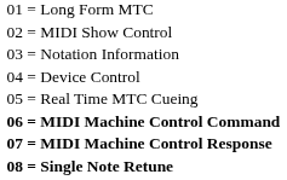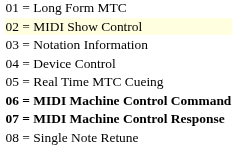 <table class="toccolours">
 <tr>
 <td>01 = Long Form MTC</td>
 </tr>
 <tr>
-<td>02 = MIDI Show Control</td>
+<td style="background: lightyellow;">02 = MIDI Show Control</td>
 </tr>
 <tr>
 <td>03 = Notation Information</td>
 </tr>
 <tr>
 <td>04 = Device Control</td>
 </tr>
 <tr>
 <td>05 = Real Time MTC Cueing</td>
 </tr>
 <tr>
 <td><strong>06 = MIDI Machine Control Command</strong></td>
 </tr>
 <tr>
 <td><strong>07 = MIDI Machine Control Response</strong></td>
 </tr>
 <tr>
-<td><strong>08 = Single Note Retune</strong></td>
+<td>08 = Single Note Retune</td>
 </tr>
 </table>
